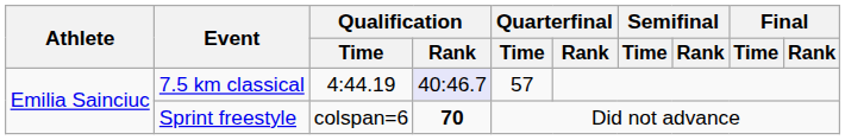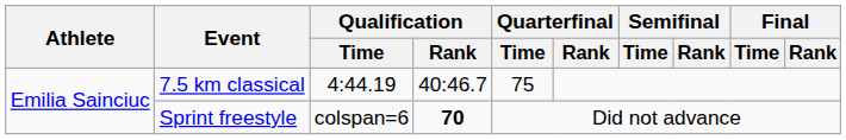 <table class="wikitable" style="font-size:90%">
 <tr>
 <th rowspan="2">Athlete</th>
 <th rowspan="2">Event</th>
 <th colspan="2">Qualification</th>
 <th colspan="2">Quarterfinal</th>
 <th colspan="2">Semifinal</th>
 <th colspan="2">Final</th>
 </tr>
 <tr style="font-size:95%">
 <th>Time</th>
 <th>Rank</th>
 <th>Time</th>
 <th>Rank</th>
 <th>Time</th>
 <th>Rank</th>
 <th>Time</th>
 <th>Rank</th>
 </tr>
 <tr align=center>
 <td align=left rowspan=2><a href='#'>Emilia Sainciuc</a></td>
 <td align=left><a href='#'>7.5 km classical</a></td>
 <td>4:44.19</td>
-<td style="background: lavender;">40:46.7</td>
-<td>57</td>
+<td>40:46.7</td>
+<td>75</td>
 </tr>
 <tr align=center>
 <td align=left><a href='#'>Sprint freestyle</a></td>
 <td>colspan=6</td>
 <td><strong>70</strong></td>
 <td colspan=6>Did not advance</td>
 </tr>
 </table>
